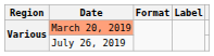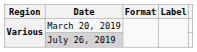 <table class="wikitable plainrowheaders">
 <tr>
 <th scope="col">Region</th>
 <th scope="col">Date</th>
 <th scope="col">Format</th>
 <th scope="col">Label</th>
 <th scope="col"></th>
 </tr>
 <tr>
 <th scope="col" rowspan="2">Various</th>
-<td style="background: lightsalmon;">March 20, 2019</td>
+<td>March 20, 2019</td>
 <td rowspan="2"></td>
 <td rowspan="2"></td>
 <td></td>
 </tr>
 <tr>
-<td>July 26, 2019</td>
+<td style="background: lightgrey;">July 26, 2019</td>
 <td></td>
 </tr>
 </table>
